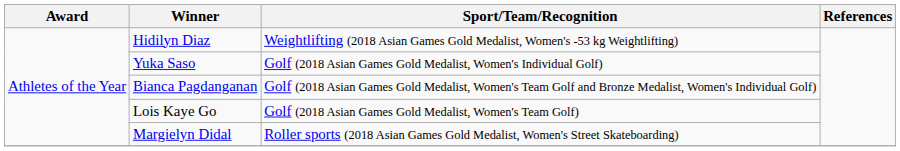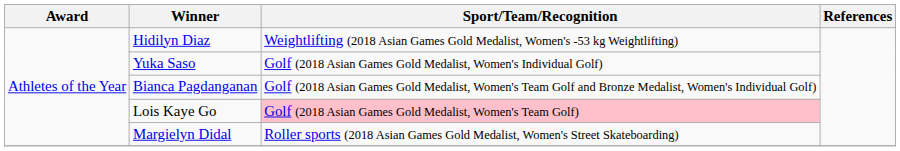 <table class="wikitable">
 <tr>
 <th>Award</th>
 <th>Winner</th>
 <th>Sport/Team/Recognition</th>
 <th>References</th>
 </tr>
 <tr>
 <td rowspan=5><a href='#'>Athletes of the Year</a></td>
 <td><a href='#'>Hidilyn Diaz</a></td>
 <td><a href='#'>Weightlifting</a> <small>(2018 Asian Games Gold Medalist, Women's -53 kg Weightlifting)</small></td>
 <td rowspan=5></td>
 </tr>
 <tr>
 <td><a href='#'>Yuka Saso</a></td>
 <td><a href='#'>Golf</a> <small>(2018 Asian Games Gold Medalist, Women's Individual Golf)</small></td>
 </tr>
 <tr>
 <td><a href='#'>Bianca Pagdanganan</a></td>
 <td><a href='#'>Golf</a> <small>(2018 Asian Games Gold Medalist, Women's Team Golf and Bronze Medalist, Women's Individual Golf)</small></td>
 </tr>
 <tr>
 <td>Lois Kaye Go</td>
-<td><a href='#'>Golf</a> <small>(2018 Asian Games Gold Medalist, Women's Team Golf)</small></td>
+<td style="background: pink;"><a href='#'>Golf</a> <small>(2018 Asian Games Gold Medalist, Women's Team Golf)</small></td>
 </tr>
 <tr>
 <td><a href='#'>Margielyn Didal</a></td>
 <td><a href='#'>Roller sports</a> <small>(2018 Asian Games Gold Medalist, Women's Street Skateboarding)</small></td>
 </tr>
 <tr>
 </tr>
 </table>
